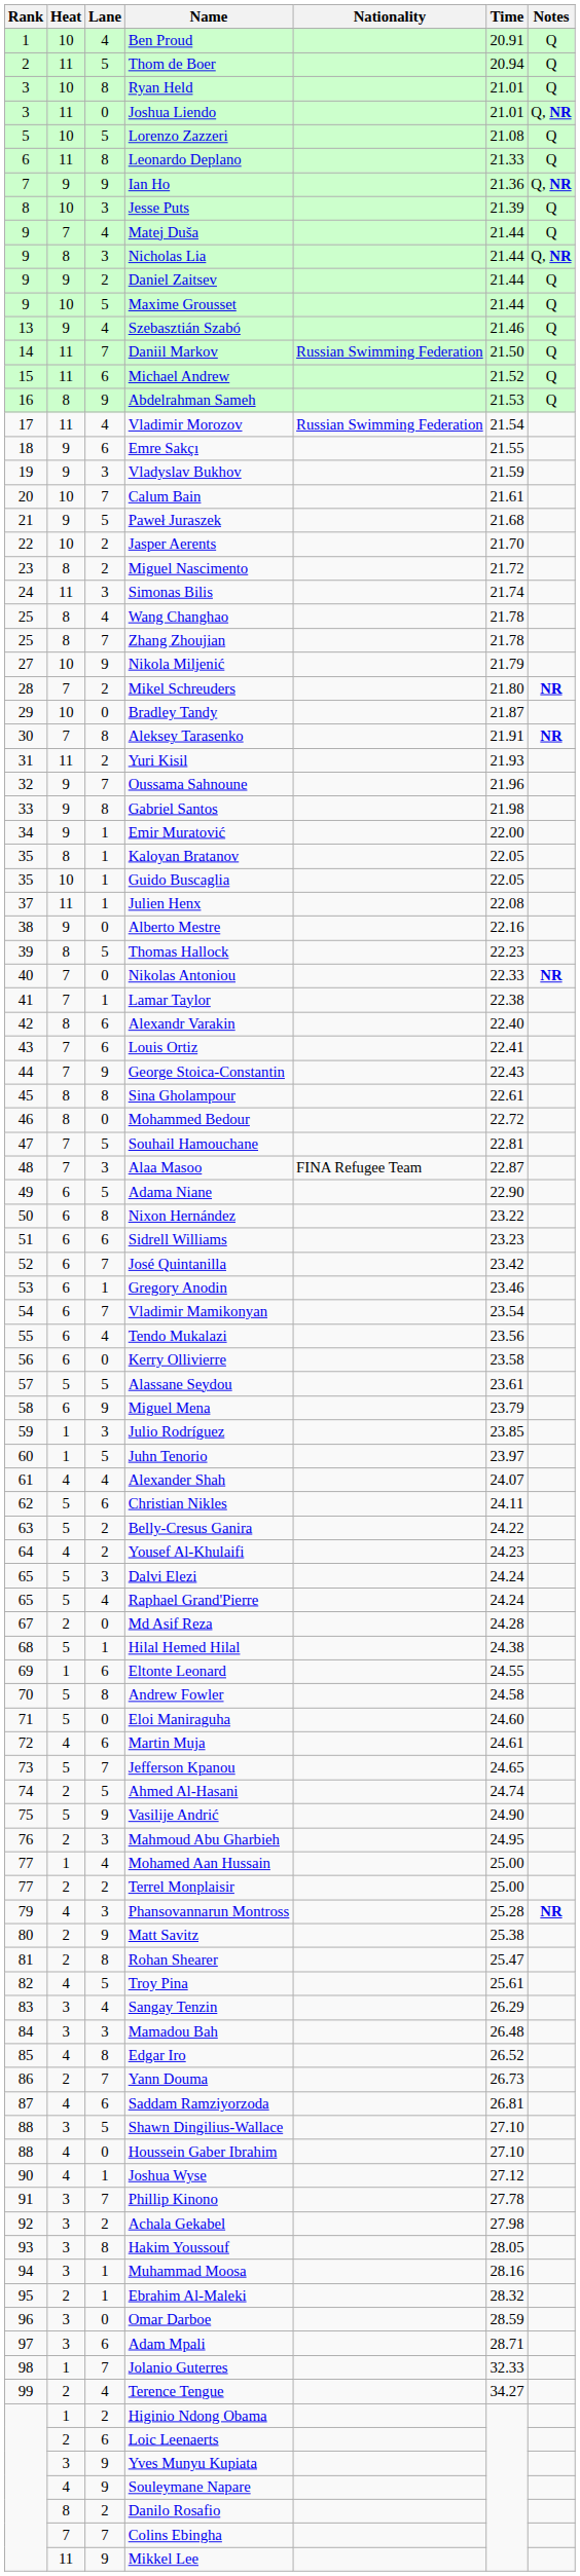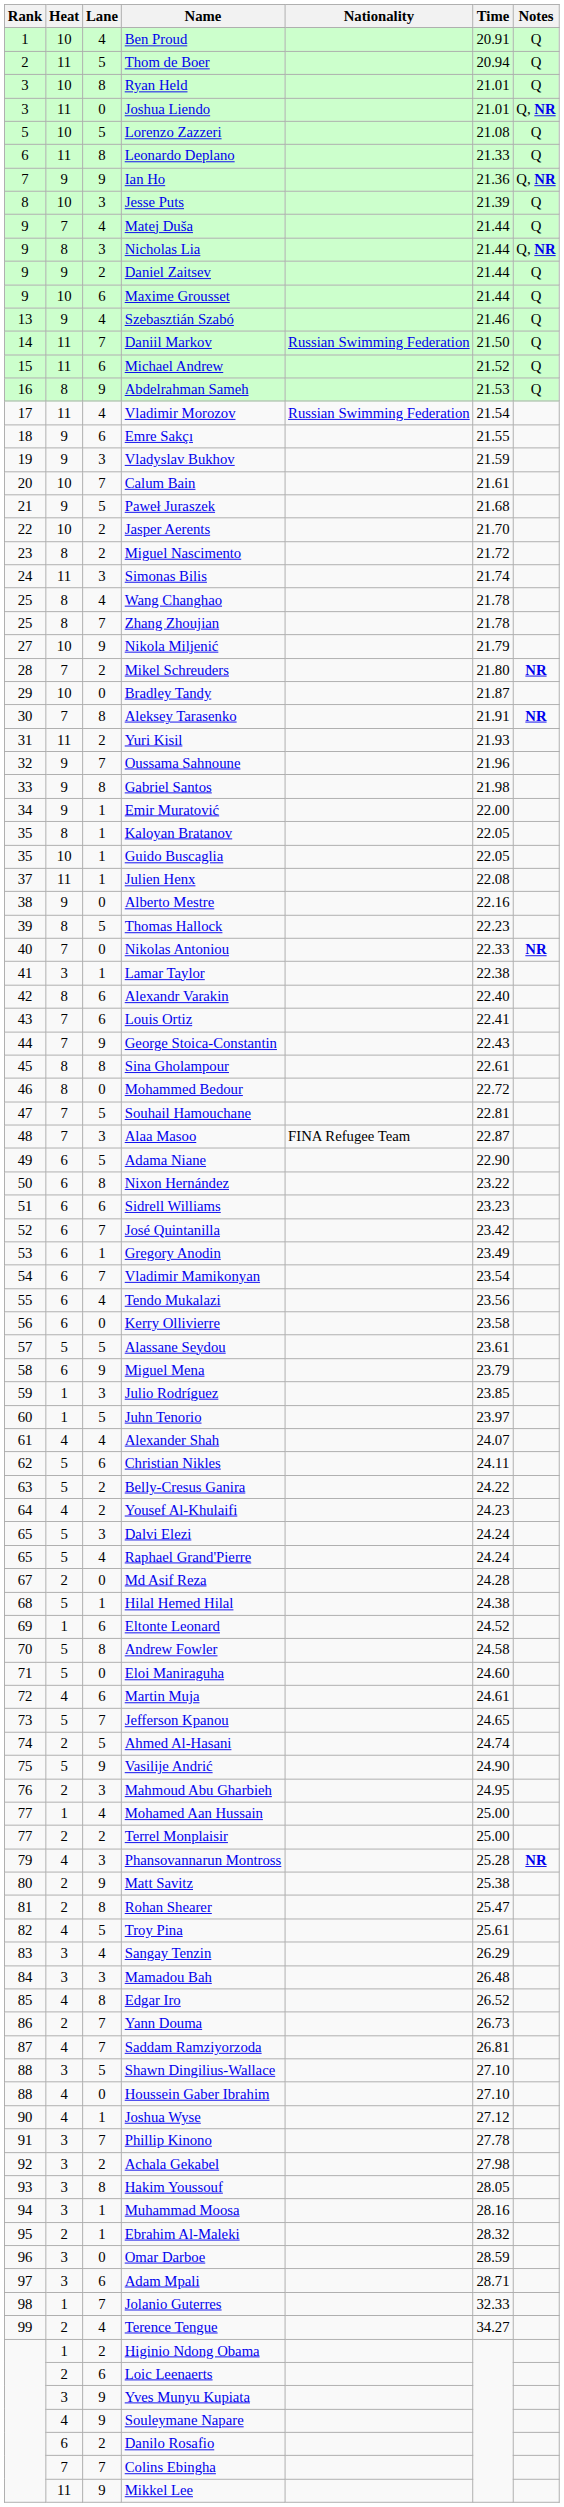 <table class="wikitable sortable" style="text-align:center">
 <tr>
 <th>Rank</th>
 <th>Heat</th>
 <th>Lane</th>
 <th>Name</th>
 <th>Nationality</th>
 <th>Time</th>
 <th>Notes</th>
 </tr>
 <tr bgcolor=ccffcc>
 <td>1</td>
 <td>10</td>
 <td>4</td>
 <td align=left><a href='#'>Ben Proud</a></td>
 <td align=left></td>
 <td>20.91</td>
 <td>Q</td>
 </tr>
 <tr bgcolor=ccffcc>
 <td>2</td>
 <td>11</td>
 <td>5</td>
 <td align=left><a href='#'>Thom de Boer</a></td>
 <td align=left></td>
 <td>20.94</td>
 <td>Q</td>
 </tr>
 <tr bgcolor=ccffcc>
 <td>3</td>
 <td>10</td>
 <td>8</td>
 <td align=left><a href='#'>Ryan Held</a></td>
 <td align=left></td>
 <td>21.01</td>
 <td>Q</td>
 </tr>
 <tr bgcolor=ccffcc>
 <td>3</td>
 <td>11</td>
 <td>0</td>
 <td align=left><a href='#'>Joshua Liendo</a></td>
 <td align=left></td>
 <td>21.01</td>
 <td>Q, <strong><a href='#'>NR</a></strong></td>
 </tr>
 <tr bgcolor=ccffcc>
 <td>5</td>
 <td>10</td>
 <td>5</td>
 <td align=left><a href='#'>Lorenzo Zazzeri</a></td>
 <td align=left></td>
 <td>21.08</td>
 <td>Q</td>
 </tr>
 <tr bgcolor=ccffcc>
 <td>6</td>
 <td>11</td>
 <td>8</td>
 <td align=left><a href='#'>Leonardo Deplano</a></td>
 <td align=left></td>
 <td>21.33</td>
 <td>Q</td>
 </tr>
 <tr bgcolor=ccffcc>
 <td>7</td>
 <td>9</td>
 <td>9</td>
 <td align=left><a href='#'>Ian Ho</a></td>
 <td align=left></td>
 <td>21.36</td>
 <td>Q, <strong><a href='#'>NR</a></strong></td>
 </tr>
 <tr bgcolor=ccffcc>
 <td>8</td>
 <td>10</td>
 <td>3</td>
 <td align=left><a href='#'>Jesse Puts</a></td>
 <td align=left></td>
 <td>21.39</td>
 <td>Q</td>
 </tr>
 <tr bgcolor=ccffcc>
 <td>9</td>
 <td>7</td>
 <td>4</td>
 <td align=left><a href='#'>Matej Duša</a></td>
 <td align=left></td>
 <td>21.44</td>
 <td>Q</td>
 </tr>
 <tr bgcolor=ccffcc>
 <td>9</td>
 <td>8</td>
 <td>3</td>
 <td align=left><a href='#'>Nicholas Lia</a></td>
 <td align=left></td>
 <td>21.44</td>
 <td>Q, <strong><a href='#'>NR</a></strong></td>
 </tr>
 <tr bgcolor=ccffcc>
 <td>9</td>
 <td>9</td>
 <td>2</td>
 <td align=left><a href='#'>Daniel Zaitsev</a></td>
 <td align=left></td>
 <td>21.44</td>
 <td>Q</td>
 </tr>
 <tr bgcolor=ccffcc>
 <td>9</td>
 <td>10</td>
-<td>5</td>
+<td>6</td>
 <td align=left><a href='#'>Maxime Grousset</a></td>
 <td align=left></td>
 <td>21.44</td>
 <td>Q</td>
 </tr>
 <tr bgcolor=ccffcc>
 <td>13</td>
 <td>9</td>
 <td>4</td>
 <td align=left><a href='#'>Szebasztián Szabó</a></td>
 <td align=left></td>
 <td>21.46</td>
 <td>Q</td>
 </tr>
 <tr bgcolor=ccffcc>
 <td>14</td>
 <td>11</td>
 <td>7</td>
 <td align=left><a href='#'>Daniil Markov</a></td>
 <td align=left><a href='#'>Russian Swimming Federation</a></td>
 <td>21.50</td>
 <td>Q</td>
 </tr>
 <tr bgcolor=ccffcc>
 <td>15</td>
 <td>11</td>
 <td>6</td>
 <td align=left><a href='#'>Michael Andrew</a></td>
 <td align=left></td>
 <td>21.52</td>
 <td>Q</td>
 </tr>
 <tr bgcolor=ccffcc>
 <td>16</td>
 <td>8</td>
 <td>9</td>
 <td align=left><a href='#'>Abdelrahman Sameh</a></td>
 <td align=left></td>
 <td>21.53</td>
 <td>Q</td>
 </tr>
 <tr>
 <td>17</td>
 <td>11</td>
 <td>4</td>
 <td align=left><a href='#'>Vladimir Morozov</a></td>
 <td align=left><a href='#'>Russian Swimming Federation</a></td>
 <td>21.54</td>
 <td></td>
 </tr>
 <tr>
 <td>18</td>
 <td>9</td>
 <td>6</td>
 <td align=left><a href='#'>Emre Sakçı</a></td>
 <td align=left></td>
 <td>21.55</td>
 <td></td>
 </tr>
 <tr>
 <td>19</td>
 <td>9</td>
 <td>3</td>
 <td align=left><a href='#'>Vladyslav Bukhov</a></td>
 <td align=left></td>
 <td>21.59</td>
 <td></td>
 </tr>
 <tr>
 <td>20</td>
 <td>10</td>
 <td>7</td>
 <td align=left><a href='#'>Calum Bain</a></td>
 <td align=left></td>
 <td>21.61</td>
 <td></td>
 </tr>
 <tr>
 <td>21</td>
 <td>9</td>
 <td>5</td>
 <td align=left><a href='#'>Paweł Juraszek</a></td>
 <td align=left></td>
 <td>21.68</td>
 <td></td>
 </tr>
 <tr>
 <td>22</td>
 <td>10</td>
 <td>2</td>
 <td align=left><a href='#'>Jasper Aerents</a></td>
 <td align=left></td>
 <td>21.70</td>
 <td></td>
 </tr>
 <tr>
 <td>23</td>
 <td>8</td>
 <td>2</td>
 <td align=left><a href='#'>Miguel Nascimento</a></td>
 <td align=left></td>
 <td>21.72</td>
 <td></td>
 </tr>
 <tr>
 <td>24</td>
 <td>11</td>
 <td>3</td>
 <td align=left><a href='#'>Simonas Bilis</a></td>
 <td align=left></td>
 <td>21.74</td>
 <td></td>
 </tr>
 <tr>
 <td>25</td>
 <td>8</td>
 <td>4</td>
 <td align=left><a href='#'>Wang Changhao</a></td>
 <td align=left></td>
 <td>21.78</td>
 <td></td>
 </tr>
 <tr>
 <td>25</td>
 <td>8</td>
 <td>7</td>
 <td align=left><a href='#'>Zhang Zhoujian</a></td>
 <td align=left></td>
 <td>21.78</td>
 <td></td>
 </tr>
 <tr>
 <td>27</td>
 <td>10</td>
 <td>9</td>
 <td align=left><a href='#'>Nikola Miljenić</a></td>
 <td align=left></td>
 <td>21.79</td>
 <td></td>
 </tr>
 <tr>
 <td>28</td>
 <td>7</td>
 <td>2</td>
 <td align=left><a href='#'>Mikel Schreuders</a></td>
 <td align=left></td>
 <td>21.80</td>
 <td><strong><a href='#'>NR</a></strong></td>
 </tr>
 <tr>
 <td>29</td>
 <td>10</td>
 <td>0</td>
 <td align=left><a href='#'>Bradley Tandy</a></td>
 <td align=left></td>
 <td>21.87</td>
 <td></td>
 </tr>
 <tr>
 <td>30</td>
 <td>7</td>
 <td>8</td>
 <td align=left><a href='#'>Aleksey Tarasenko</a></td>
 <td align=left></td>
 <td>21.91</td>
 <td><strong><a href='#'>NR</a></strong></td>
 </tr>
 <tr>
 <td>31</td>
 <td>11</td>
 <td>2</td>
 <td align=left><a href='#'>Yuri Kisil</a></td>
 <td align=left></td>
 <td>21.93</td>
 <td></td>
 </tr>
 <tr>
 <td>32</td>
 <td>9</td>
 <td>7</td>
 <td align=left><a href='#'>Oussama Sahnoune</a></td>
 <td align=left></td>
 <td>21.96</td>
 <td></td>
 </tr>
 <tr>
 <td>33</td>
 <td>9</td>
 <td>8</td>
 <td align=left><a href='#'>Gabriel Santos</a></td>
 <td align=left></td>
 <td>21.98</td>
 <td></td>
 </tr>
 <tr>
 <td>34</td>
 <td>9</td>
 <td>1</td>
 <td align=left><a href='#'>Emir Muratović</a></td>
 <td align=left></td>
 <td>22.00</td>
 <td></td>
 </tr>
 <tr>
 <td>35</td>
 <td>8</td>
 <td>1</td>
 <td align=left><a href='#'>Kaloyan Bratanov</a></td>
 <td align=left></td>
 <td>22.05</td>
 <td></td>
 </tr>
 <tr>
 <td>35</td>
 <td>10</td>
 <td>1</td>
 <td align=left><a href='#'>Guido Buscaglia</a></td>
 <td align=left></td>
 <td>22.05</td>
 <td></td>
 </tr>
 <tr>
 <td>37</td>
 <td>11</td>
 <td>1</td>
 <td align=left><a href='#'>Julien Henx</a></td>
 <td align=left></td>
 <td>22.08</td>
 <td></td>
 </tr>
 <tr>
 <td>38</td>
 <td>9</td>
 <td>0</td>
 <td align=left><a href='#'>Alberto Mestre</a></td>
 <td align=left></td>
 <td>22.16</td>
 <td></td>
 </tr>
 <tr>
 <td>39</td>
 <td>8</td>
 <td>5</td>
 <td align=left><a href='#'>Thomas Hallock</a></td>
 <td align=left></td>
 <td>22.23</td>
 <td></td>
 </tr>
 <tr>
 <td>40</td>
 <td>7</td>
 <td>0</td>
 <td align=left><a href='#'>Nikolas Antoniou</a></td>
 <td align=left></td>
 <td>22.33</td>
 <td><strong><a href='#'>NR</a></strong></td>
 </tr>
 <tr>
 <td>41</td>
-<td>7</td>
+<td>3</td>
 <td>1</td>
 <td align=left><a href='#'>Lamar Taylor</a></td>
 <td align=left></td>
 <td>22.38</td>
 <td></td>
 </tr>
 <tr>
 <td>42</td>
 <td>8</td>
 <td>6</td>
 <td align=left><a href='#'>Alexandr Varakin</a></td>
 <td align=left></td>
 <td>22.40</td>
 <td></td>
 </tr>
 <tr>
 <td>43</td>
 <td>7</td>
 <td>6</td>
 <td align=left><a href='#'>Louis Ortiz</a></td>
 <td align=left></td>
 <td>22.41</td>
 <td></td>
 </tr>
 <tr>
 <td>44</td>
 <td>7</td>
 <td>9</td>
 <td align=left><a href='#'>George Stoica-Constantin</a></td>
 <td align=left></td>
 <td>22.43</td>
 <td></td>
 </tr>
 <tr>
 <td>45</td>
 <td>8</td>
 <td>8</td>
 <td align=left><a href='#'>Sina Gholampour</a></td>
 <td align=left></td>
 <td>22.61</td>
 <td></td>
 </tr>
 <tr>
 <td>46</td>
 <td>8</td>
 <td>0</td>
 <td align=left><a href='#'>Mohammed Bedour</a></td>
 <td align=left></td>
 <td>22.72</td>
 <td></td>
 </tr>
 <tr>
 <td>47</td>
 <td>7</td>
 <td>5</td>
 <td align=left><a href='#'>Souhail Hamouchane</a></td>
 <td align=left></td>
 <td>22.81</td>
 <td></td>
 </tr>
 <tr>
 <td>48</td>
 <td>7</td>
 <td>3</td>
 <td align=left><a href='#'>Alaa Masoo</a></td>
 <td align=left> FINA Refugee Team</td>
 <td>22.87</td>
 <td></td>
 </tr>
 <tr>
 <td>49</td>
 <td>6</td>
 <td>5</td>
 <td align=left><a href='#'>Adama Niane</a></td>
 <td align=left></td>
 <td>22.90</td>
 <td></td>
 </tr>
 <tr>
 <td>50</td>
 <td>6</td>
 <td>8</td>
 <td align=left><a href='#'>Nixon Hernández</a></td>
 <td align=left></td>
 <td>23.22</td>
 <td></td>
 </tr>
 <tr>
 <td>51</td>
 <td>6</td>
 <td>6</td>
 <td align=left><a href='#'>Sidrell Williams</a></td>
 <td align=left></td>
 <td>23.23</td>
 <td></td>
 </tr>
 <tr>
 <td>52</td>
 <td>6</td>
 <td>7</td>
 <td align=left><a href='#'>José Quintanilla</a></td>
 <td align=left></td>
 <td>23.42</td>
 <td></td>
 </tr>
 <tr>
 <td>53</td>
 <td>6</td>
 <td>1</td>
 <td align=left><a href='#'>Gregory Anodin</a></td>
 <td align=left></td>
-<td>23.46</td>
+<td>23.49</td>
 <td></td>
 </tr>
 <tr>
 <td>54</td>
 <td>6</td>
 <td>7</td>
 <td align=left><a href='#'>Vladimir Mamikonyan</a></td>
 <td align=left></td>
 <td>23.54</td>
 <td></td>
 </tr>
 <tr>
 <td>55</td>
 <td>6</td>
 <td>4</td>
 <td align=left><a href='#'>Tendo Mukalazi</a></td>
 <td align=left></td>
 <td>23.56</td>
 <td></td>
 </tr>
 <tr>
 <td>56</td>
 <td>6</td>
 <td>0</td>
 <td align=left><a href='#'>Kerry Ollivierre</a></td>
 <td align=left></td>
 <td>23.58</td>
 <td></td>
 </tr>
 <tr>
 <td>57</td>
 <td>5</td>
 <td>5</td>
 <td align=left><a href='#'>Alassane Seydou</a></td>
 <td align=left></td>
 <td>23.61</td>
 <td></td>
 </tr>
 <tr>
 <td>58</td>
 <td>6</td>
 <td>9</td>
 <td align=left><a href='#'>Miguel Mena</a></td>
 <td align=left></td>
 <td>23.79</td>
 <td></td>
 </tr>
 <tr>
 <td>59</td>
 <td>1</td>
 <td>3</td>
 <td align=left><a href='#'>Julio Rodríguez</a></td>
 <td align=left></td>
 <td>23.85</td>
 <td></td>
 </tr>
 <tr>
 <td>60</td>
 <td>1</td>
 <td>5</td>
 <td align=left><a href='#'>Juhn Tenorio</a></td>
 <td align=left></td>
 <td>23.97</td>
 <td></td>
 </tr>
 <tr>
 <td>61</td>
 <td>4</td>
 <td>4</td>
 <td align=left><a href='#'>Alexander Shah</a></td>
 <td align=left></td>
 <td>24.07</td>
 <td></td>
 </tr>
 <tr>
 <td>62</td>
 <td>5</td>
 <td>6</td>
 <td align=left><a href='#'>Christian Nikles</a></td>
 <td align=left></td>
 <td>24.11</td>
 <td></td>
 </tr>
 <tr>
 <td>63</td>
 <td>5</td>
 <td>2</td>
 <td align=left><a href='#'>Belly-Cresus Ganira</a></td>
 <td align=left></td>
 <td>24.22</td>
 <td></td>
 </tr>
 <tr>
 <td>64</td>
 <td>4</td>
 <td>2</td>
 <td align=left><a href='#'>Yousef Al-Khulaifi</a></td>
 <td align=left></td>
 <td>24.23</td>
 <td></td>
 </tr>
 <tr>
 <td>65</td>
 <td>5</td>
 <td>3</td>
 <td align=left><a href='#'>Dalvi Elezi</a></td>
 <td align=left></td>
 <td>24.24</td>
 <td></td>
 </tr>
 <tr>
 <td>65</td>
 <td>5</td>
 <td>4</td>
 <td align=left><a href='#'>Raphael Grand'Pierre</a></td>
 <td align=left></td>
 <td>24.24</td>
 <td></td>
 </tr>
 <tr>
 <td>67</td>
 <td>2</td>
 <td>0</td>
 <td align=left><a href='#'>Md Asif Reza</a></td>
 <td align=left></td>
 <td>24.28</td>
 <td></td>
 </tr>
 <tr>
 <td>68</td>
 <td>5</td>
 <td>1</td>
 <td align=left><a href='#'>Hilal Hemed Hilal</a></td>
 <td align=left></td>
 <td>24.38</td>
 <td></td>
 </tr>
 <tr>
 <td>69</td>
 <td>1</td>
 <td>6</td>
 <td align=left><a href='#'>Eltonte Leonard</a></td>
 <td align=left></td>
-<td>24.55</td>
+<td>24.52</td>
 <td></td>
 </tr>
 <tr>
 <td>70</td>
 <td>5</td>
 <td>8</td>
 <td align=left><a href='#'>Andrew Fowler</a></td>
 <td align=left></td>
 <td>24.58</td>
 <td></td>
 </tr>
 <tr>
 <td>71</td>
 <td>5</td>
 <td>0</td>
 <td align=left><a href='#'>Eloi Maniraguha</a></td>
 <td align=left></td>
 <td>24.60</td>
 <td></td>
 </tr>
 <tr>
 <td>72</td>
 <td>4</td>
 <td>6</td>
 <td align=left><a href='#'>Martin Muja</a></td>
 <td align=left></td>
 <td>24.61</td>
 <td></td>
 </tr>
 <tr>
 <td>73</td>
 <td>5</td>
 <td>7</td>
 <td align=left><a href='#'>Jefferson Kpanou</a></td>
 <td align=left></td>
 <td>24.65</td>
 <td></td>
 </tr>
 <tr>
 <td>74</td>
 <td>2</td>
 <td>5</td>
 <td align=left><a href='#'>Ahmed Al-Hasani</a></td>
 <td align=left></td>
 <td>24.74</td>
 <td></td>
 </tr>
 <tr>
 <td>75</td>
 <td>5</td>
 <td>9</td>
 <td align=left><a href='#'>Vasilije Andrić</a></td>
 <td align=left></td>
 <td>24.90</td>
 <td></td>
 </tr>
 <tr>
 <td>76</td>
 <td>2</td>
 <td>3</td>
 <td align=left><a href='#'>Mahmoud Abu Gharbieh</a></td>
 <td align=left></td>
 <td>24.95</td>
 <td></td>
 </tr>
 <tr>
 <td>77</td>
 <td>1</td>
 <td>4</td>
 <td align=left><a href='#'>Mohamed Aan Hussain</a></td>
 <td align=left></td>
 <td>25.00</td>
 <td></td>
 </tr>
 <tr>
 <td>77</td>
 <td>2</td>
 <td>2</td>
 <td align=left><a href='#'>Terrel Monplaisir</a></td>
 <td align=left></td>
 <td>25.00</td>
 <td></td>
 </tr>
 <tr>
 <td>79</td>
 <td>4</td>
 <td>3</td>
 <td align=left><a href='#'>Phansovannarun Montross</a></td>
 <td align=left></td>
 <td>25.28</td>
 <td><strong><a href='#'>NR</a></strong></td>
 </tr>
 <tr>
 <td>80</td>
 <td>2</td>
 <td>9</td>
 <td align=left><a href='#'>Matt Savitz</a></td>
 <td align=left></td>
 <td>25.38</td>
 <td></td>
 </tr>
 <tr>
 <td>81</td>
 <td>2</td>
 <td>8</td>
 <td align=left><a href='#'>Rohan Shearer</a></td>
 <td align=left></td>
 <td>25.47</td>
 <td></td>
 </tr>
 <tr>
 <td>82</td>
 <td>4</td>
 <td>5</td>
 <td align=left><a href='#'>Troy Pina</a></td>
 <td align=left></td>
 <td>25.61</td>
 <td></td>
 </tr>
 <tr>
 <td>83</td>
 <td>3</td>
 <td>4</td>
 <td align=left><a href='#'>Sangay Tenzin</a></td>
 <td align=left></td>
 <td>26.29</td>
 <td></td>
 </tr>
 <tr>
 <td>84</td>
 <td>3</td>
 <td>3</td>
 <td align=left><a href='#'>Mamadou Bah</a></td>
 <td align=left></td>
 <td>26.48</td>
 <td></td>
 </tr>
 <tr>
 <td>85</td>
 <td>4</td>
 <td>8</td>
 <td align=left><a href='#'>Edgar Iro</a></td>
 <td align=left></td>
 <td>26.52</td>
 <td></td>
 </tr>
 <tr>
 <td>86</td>
 <td>2</td>
 <td>7</td>
 <td align=left><a href='#'>Yann Douma</a></td>
 <td align=left></td>
 <td>26.73</td>
 <td></td>
 </tr>
 <tr>
 <td>87</td>
 <td>4</td>
-<td>6</td>
+<td>7</td>
 <td align=left><a href='#'>Saddam Ramziyorzoda</a></td>
 <td align=left></td>
 <td>26.81</td>
 <td></td>
 </tr>
 <tr>
 <td>88</td>
 <td>3</td>
 <td>5</td>
 <td align=left><a href='#'>Shawn Dingilius-Wallace</a></td>
 <td align=left></td>
 <td>27.10</td>
 <td></td>
 </tr>
 <tr>
 <td>88</td>
 <td>4</td>
 <td>0</td>
 <td align=left><a href='#'>Houssein Gaber Ibrahim</a></td>
 <td align=left></td>
 <td>27.10</td>
 <td></td>
 </tr>
 <tr>
 <td>90</td>
 <td>4</td>
 <td>1</td>
 <td align=left><a href='#'>Joshua Wyse</a></td>
 <td align=left></td>
 <td>27.12</td>
 <td></td>
 </tr>
 <tr>
 <td>91</td>
 <td>3</td>
 <td>7</td>
 <td align=left><a href='#'>Phillip Kinono</a></td>
 <td align=left></td>
 <td>27.78</td>
 <td></td>
 </tr>
 <tr>
 <td>92</td>
 <td>3</td>
 <td>2</td>
 <td align=left><a href='#'>Achala Gekabel</a></td>
 <td align=left></td>
 <td>27.98</td>
 <td></td>
 </tr>
 <tr>
 <td>93</td>
 <td>3</td>
 <td>8</td>
 <td align=left><a href='#'>Hakim Youssouf</a></td>
 <td align=left></td>
 <td>28.05</td>
 <td></td>
 </tr>
 <tr>
 <td>94</td>
 <td>3</td>
 <td>1</td>
 <td align=left><a href='#'>Muhammad Moosa</a></td>
 <td align=left></td>
 <td>28.16</td>
 <td></td>
 </tr>
 <tr>
 <td>95</td>
 <td>2</td>
 <td>1</td>
 <td align=left><a href='#'>Ebrahim Al-Maleki</a></td>
 <td align=left></td>
 <td>28.32</td>
 <td></td>
 </tr>
 <tr>
 <td>96</td>
 <td>3</td>
 <td>0</td>
 <td align=left><a href='#'>Omar Darboe</a></td>
 <td align=left></td>
 <td>28.59</td>
 <td></td>
 </tr>
 <tr>
 <td>97</td>
 <td>3</td>
 <td>6</td>
 <td align=left><a href='#'>Adam Mpali</a></td>
 <td align=left></td>
 <td>28.71</td>
 <td></td>
 </tr>
 <tr>
 <td>98</td>
 <td>1</td>
 <td>7</td>
 <td align=left><a href='#'>Jolanio Guterres</a></td>
 <td align=left></td>
 <td>32.33</td>
 <td></td>
 </tr>
 <tr>
 <td>99</td>
 <td>2</td>
 <td>4</td>
 <td align=left><a href='#'>Terence Tengue</a></td>
 <td align=left></td>
 <td>34.27</td>
 <td></td>
 </tr>
 <tr>
 <td rowspan=7></td>
 <td>1</td>
 <td>2</td>
 <td align=left><a href='#'>Higinio Ndong Obama</a></td>
 <td align="left"></td>
 <td rowspan=7></td>
 <td></td>
 </tr>
 <tr>
 <td>2</td>
 <td>6</td>
 <td align=left><a href='#'>Loic Leenaerts</a></td>
 <td align=left></td>
 <td></td>
 </tr>
 <tr>
 <td>3</td>
 <td>9</td>
 <td align=left><a href='#'>Yves Munyu Kupiata</a></td>
 <td align=left></td>
 <td></td>
 </tr>
 <tr>
 <td>4</td>
 <td>9</td>
 <td align=left><a href='#'>Souleymane Napare</a></td>
 <td align=left></td>
 <td></td>
 </tr>
 <tr>
-<td>8</td>
+<td>6</td>
 <td>2</td>
 <td align=left><a href='#'>Danilo Rosafio</a></td>
 <td align=left></td>
 <td></td>
 </tr>
 <tr>
 <td>7</td>
 <td>7</td>
 <td align=left><a href='#'>Colins Ebingha</a></td>
 <td align=left></td>
 <td></td>
 </tr>
 <tr>
 <td>11</td>
 <td>9</td>
 <td align=left><a href='#'>Mikkel Lee</a></td>
 <td align=left></td>
 <td></td>
 </tr>
 </table>
